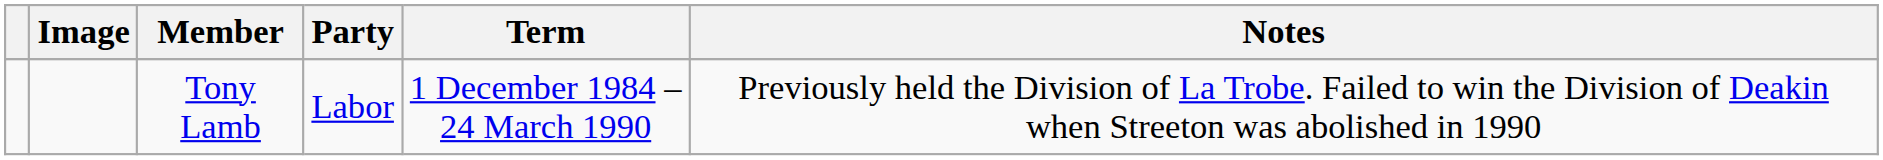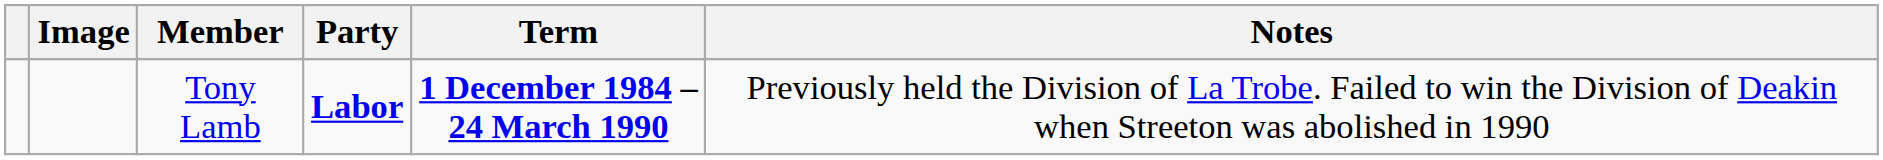 <table class=wikitable style="text-align:center">
 <tr>
 <th></th>
 <th>Image</th>
 <th>Member</th>
 <th>Party</th>
 <th>Term</th>
 <th>Notes</th>
 </tr>
 <tr>
 </tr>
 <tr>
 <td> </td>
 <td></td>
 <td><a href='#'>Tony Lamb</a><br></td>
-<td><a href='#'>Labor</a></td>
-<td nowrap><a href='#'>1 December 1984</a> –<br><a href='#'>24 March 1990</a></td>
+<td><strong><a href='#'>Labor</a></strong></td>
+<td nowrap><strong><a href='#'>1 December 1984</a> –<br><a href='#'>24 March 1990</a></strong></td>
 <td>Previously held the Division of <a href='#'>La Trobe</a>. Failed to win the Division of <a href='#'>Deakin</a> when Streeton was abolished in 1990</td>
 </tr>
 </table>
